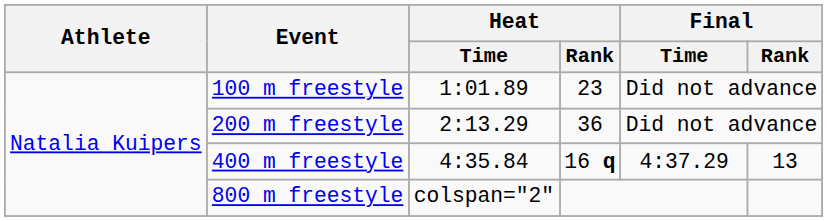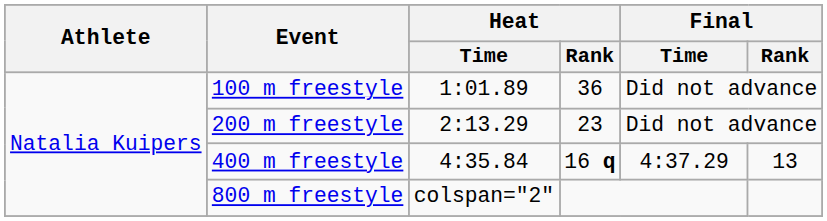 <table class="wikitable" style="font-size:90%;text-align:center">
 <tr>
 <th rowspan="2">Athlete</th>
 <th rowspan="2">Event</th>
 <th colspan="2">Heat</th>
 <th colspan="2">Final</th>
 </tr>
 <tr style="font-size:95%">
 <th>Time</th>
 <th>Rank</th>
 <th>Time</th>
 <th>Rank</th>
 </tr>
 <tr>
 <td rowspan="4" align="left"><a href='#'>Natalia Kuipers</a></td>
 <td align="left"><a href='#'>100 m freestyle</a></td>
 <td>1:01.89</td>
-<td>23</td>
+<td>36</td>
 <td colspan="2">Did not advance</td>
 </tr>
 <tr>
 <td align="left"><a href='#'>200 m freestyle</a></td>
 <td>2:13.29</td>
-<td>36</td>
+<td>23</td>
 <td colspan="2">Did not advance</td>
 </tr>
 <tr>
 <td align="left"><a href='#'>400 m freestyle</a></td>
 <td>4:35.84</td>
 <td>16 <strong>q</strong></td>
 <td>4:37.29</td>
 <td>13</td>
 </tr>
 <tr>
 <td align="left"><a href='#'>800 m freestyle</a></td>
 <td>colspan="2" </td>
 <td colspan="2"></td>
 </tr>
 </table>
